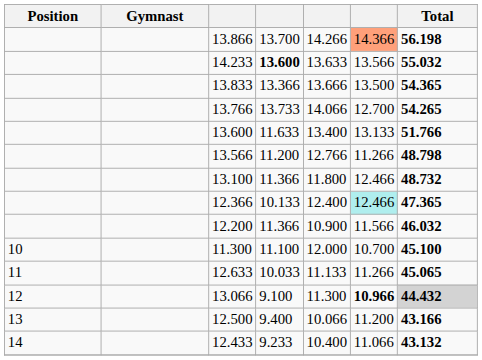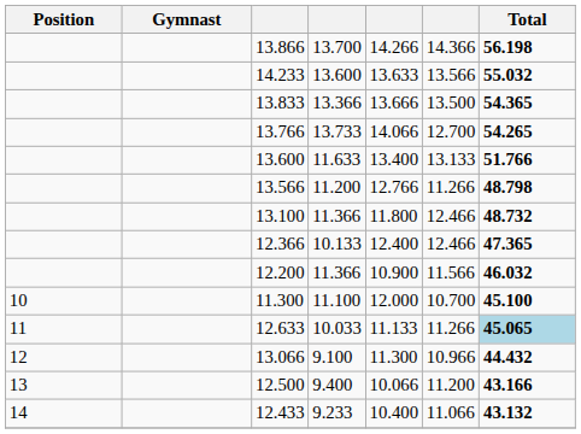 <table class="wikitable sortable" style="text-align:left;">
 <tr>
 <th>Position</th>
 <th>Gymnast</th>
 <th width="10%"></th>
 <th width="10%"></th>
 <th width="10%"></th>
 <th width="10%"></th>
 <th>Total</th>
 </tr>
 <tr>
 <td></td>
 <td></td>
 <td>13.866</td>
 <td>13.700</td>
 <td>14.266</td>
-<td style="background: lightsalmon;">14.366</td>
+<td>14.366</td>
 <td><strong>56.198</strong></td>
 </tr>
 <tr>
 <td></td>
 <td></td>
 <td>14.233</td>
-<td><strong>13.600</strong></td>
+<td>13.600</td>
 <td>13.633</td>
 <td>13.566</td>
 <td><strong>55.032</strong></td>
 </tr>
 <tr>
 <td></td>
 <td></td>
 <td>13.833</td>
 <td>13.366</td>
 <td>13.666</td>
 <td>13.500</td>
 <td><strong>54.365</strong></td>
 </tr>
 <tr>
 <td></td>
 <td></td>
 <td>13.766</td>
 <td>13.733</td>
 <td>14.066</td>
 <td>12.700</td>
 <td><strong>54.265</strong></td>
 </tr>
 <tr>
 <td></td>
 <td></td>
 <td>13.600</td>
 <td>11.633</td>
 <td>13.400</td>
 <td>13.133</td>
 <td><strong>51.766</strong></td>
 </tr>
 <tr>
 <td></td>
 <td></td>
 <td>13.566</td>
 <td>11.200</td>
 <td>12.766</td>
 <td>11.266</td>
 <td><strong>48.798</strong></td>
 </tr>
 <tr>
 <td></td>
 <td></td>
 <td>13.100</td>
 <td>11.366</td>
 <td>11.800</td>
 <td>12.466</td>
 <td><strong>48.732</strong></td>
 </tr>
 <tr>
 <td></td>
 <td></td>
 <td>12.366</td>
 <td>10.133</td>
 <td>12.400</td>
-<td style="background: paleturquoise;">12.466</td>
+<td>12.466</td>
 <td><strong>47.365</strong></td>
 </tr>
 <tr>
 <td></td>
 <td></td>
 <td>12.200</td>
 <td>11.366</td>
 <td>10.900</td>
 <td>11.566</td>
 <td><strong>46.032</strong></td>
 </tr>
 <tr>
 <td>10</td>
 <td></td>
 <td>11.300</td>
 <td>11.100</td>
 <td>12.000</td>
 <td>10.700</td>
 <td><strong>45.100</strong></td>
 </tr>
 <tr>
 <td>11</td>
 <td></td>
 <td>12.633</td>
 <td>10.033</td>
 <td>11.133</td>
 <td>11.266</td>
-<td><strong>45.065</strong></td>
+<td style="background: lightblue;"><strong>45.065</strong></td>
 </tr>
 <tr>
 <td>12</td>
 <td></td>
 <td>13.066</td>
 <td>9.100</td>
 <td>11.300</td>
-<td><strong>10.966</strong></td>
-<td style="background: lightgrey;"><strong>44.432</strong></td>
+<td>10.966</td>
+<td><strong>44.432</strong></td>
 </tr>
 <tr>
 <td>13</td>
 <td></td>
 <td>12.500</td>
 <td>9.400</td>
 <td>10.066</td>
 <td>11.200</td>
 <td><strong>43.166</strong></td>
 </tr>
 <tr>
 <td>14</td>
 <td></td>
 <td>12.433</td>
 <td>9.233</td>
 <td>10.400</td>
 <td>11.066</td>
 <td><strong>43.132</strong></td>
 </tr>
 <tr>
 </tr>
 </table>
